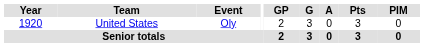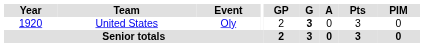 <table border="0" cellpadding="1" cellspacing="0" ID="Table3" style="text-align:center; width:40em">
 <tr bgcolor="#e0e0e0">
 <th>Year</th>
 <th>Team</th>
 <th>Event</th>
 <th rowspan="102" bgcolor="#ffffff"></th>
 <th>GP</th>
 <th>G</th>
 <th>A</th>
 <th>Pts</th>
 <th>PIM</th>
 </tr>
 <tr>
 <td><a href='#'>1920</a></td>
 <td><a href='#'>United States</a></td>
 <td><a href='#'>Oly</a></td>
 <td>2</td>
-<td>3</td>
+<td><strong>3</strong></td>
 <td>0</td>
 <td>3</td>
 <td>0</td>
 </tr>
 <tr bgcolor="#e0e0e0">
 <th colspan="4">Senior totals</th>
 <th>2</th>
 <th>3</th>
 <th>0</th>
 <th>3</th>
 <th>0</th>
 </tr>
 </table>
